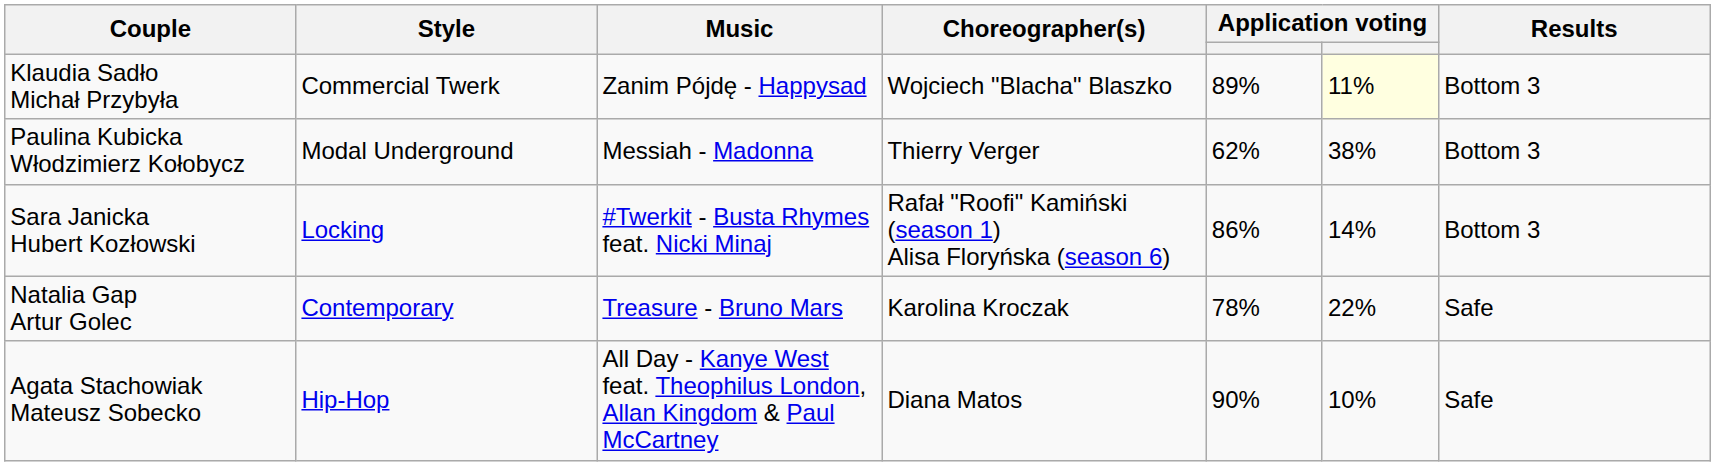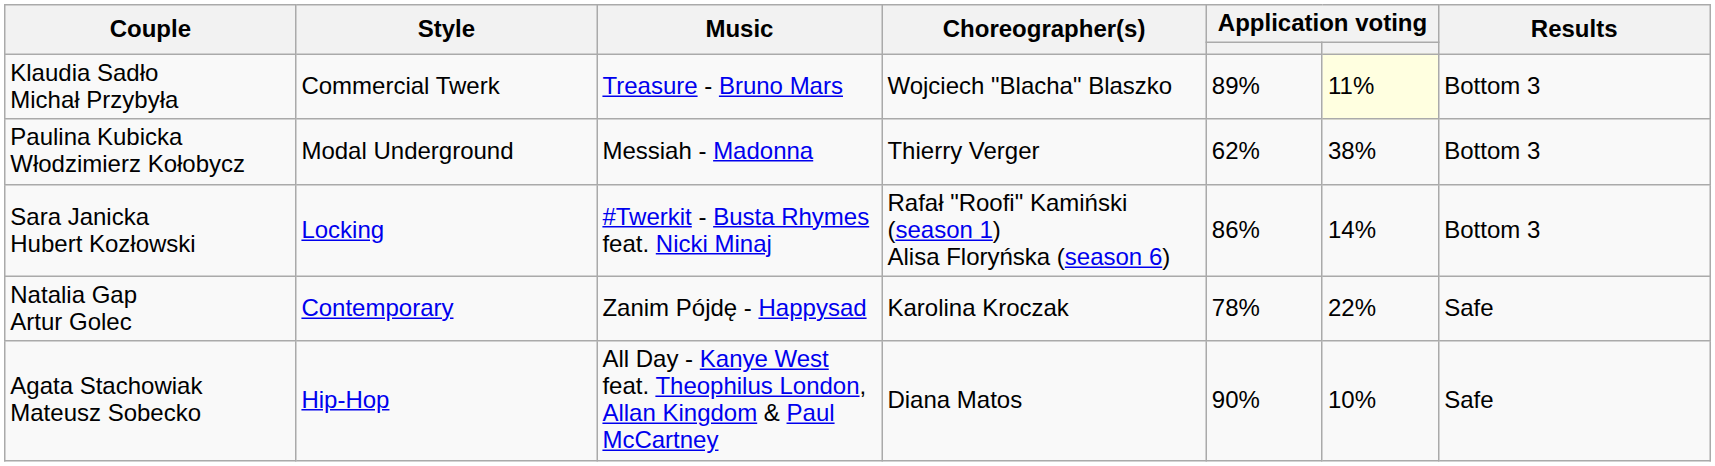 <table class="wikitable" style="width:90%;">
 <tr>
 <th scope="col" rowspan="2" class="unsortable" style="width:17em;">Couple</th>
 <th scope="col" rowspan="2" class="unsortable" style="width:17em;">Style</th>
 <th scope="col" rowspan="2" class="unsortable" style="width:17em;">Music</th>
 <th scope="col" rowspan="2" class="unsortable" style="width:17em;">Choreographer(s)</th>
 <th scope="col" colspan="2" class="unsortable" style="width:10em;">Application voting</th>
 <th scope="col" rowspan="2" class="unsortable" style="width:17em;">Results</th>
 </tr>
 <tr>
 <th scope="col" style="width:6em;"></th>
 <th scope="col" style="width:6em;"></th>
 </tr>
 <tr>
 <td>Klaudia Sadło<br>Michał Przybyła</td>
 <td>Commercial Twerk</td>
-<td>Zanim Pójdę - <a href='#'>Happysad</a></td>
+<td><a href='#'>Treasure</a> - <a href='#'>Bruno Mars</a></td>
 <td>Wojciech "Blacha" Blaszko</td>
 <td>89%</td>
 <td style="background: lightyellow;">11%</td>
 <td>Bottom 3</td>
 </tr>
 <tr>
 <td>Paulina Kubicka<br>Włodzimierz Kołobycz</td>
 <td>Modal Underground</td>
 <td>Messiah - <a href='#'>Madonna</a></td>
 <td>Thierry Verger</td>
 <td>62%</td>
 <td>38%</td>
 <td>Bottom 3</td>
 </tr>
 <tr>
 <td>Sara Janicka<br>Hubert Kozłowski</td>
 <td><a href='#'>Locking</a></td>
 <td><a href='#'>#Twerkit</a> - <a href='#'>Busta Rhymes</a> feat. <a href='#'>Nicki Minaj</a></td>
 <td>Rafał "Roofi" Kamiński (<a href='#'>season 1</a>)<br>Alisa Floryńska (<a href='#'>season 6</a>)</td>
 <td>86%</td>
 <td>14%</td>
 <td>Bottom 3</td>
 </tr>
 <tr>
 <td>Natalia Gap<br>Artur Golec</td>
 <td><a href='#'>Contemporary</a></td>
-<td><a href='#'>Treasure</a> - <a href='#'>Bruno Mars</a></td>
+<td>Zanim Pójdę - <a href='#'>Happysad</a></td>
 <td>Karolina Kroczak</td>
 <td>78%</td>
 <td>22%</td>
 <td>Safe</td>
 </tr>
 <tr>
 <td>Agata Stachowiak<br>Mateusz Sobecko</td>
 <td><a href='#'>Hip-Hop</a></td>
 <td>All Day - <a href='#'>Kanye West</a> feat. <a href='#'>Theophilus London</a>, <a href='#'>Allan Kingdom</a> & <a href='#'>Paul McCartney</a></td>
 <td>Diana Matos</td>
 <td>90%</td>
 <td>10%</td>
 <td>Safe</td>
 </tr>
 </table>
